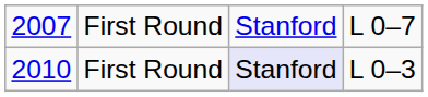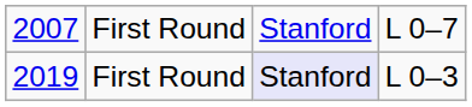 <table class="wikitable collapsible collapsed">
 <tr align="center">
 <td><a href='#'>2007</a></td>
 <td>First Round</td>
 <td><a href='#'>Stanford</a></td>
 <td>L 0–7</td>
 </tr>
 <tr align="center">
-<td><a href='#'>2010</a></td>
+<td><a href='#'>2019</a></td>
 <td>First Round</td>
 <td style="background: lavender;">Stanford</td>
 <td>L 0–3</td>
 </tr>
 </table>
